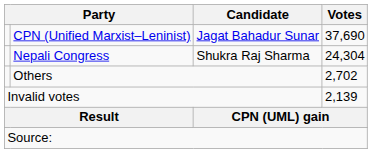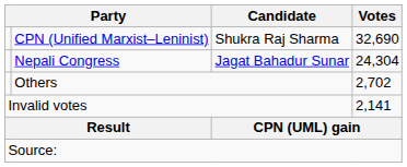 <table class="wikitable">
 <tr>
 <th colspan="2">Party</th>
 <th>Candidate</th>
 <th>Votes</th>
 </tr>
 <tr>
 <td style="background-color:"></td>
 <td><a href='#'>CPN (Unified Marxist–Leninist)</a></td>
-<td><a href='#'>Jagat Bahadur Sunar</a></td>
-<td>37,690</td>
+<td>Shukra Raj Sharma</td>
+<td>32,690</td>
 </tr>
 <tr>
 <td style="background-color:"></td>
 <td><a href='#'>Nepali Congress</a></td>
-<td>Shukra Raj Sharma</td>
+<td><a href='#'>Jagat Bahadur Sunar</a></td>
 <td>24,304</td>
 </tr>
 <tr>
 <td></td>
 <td colspan="2">Others</td>
 <td>2,702</td>
 </tr>
 <tr>
 <td colspan="3">Invalid votes</td>
-<td>2,139</td>
+<td>2,141</td>
 </tr>
 <tr>
 <th colspan="2">Result</th>
 <th colspan="2">CPN (UML) gain</th>
 </tr>
 <tr>
 <td colspan="4">Source: </td>
 </tr>
 </table>
